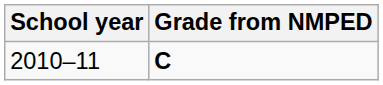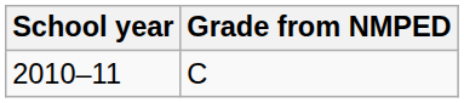 <table class="wikitable">
 <tr>
 <th>School year</th>
 <th>Grade from NMPED</th>
 </tr>
 <tr>
 <td>2010–11</td>
-<td><strong>C</strong></td>
+<td>C</td>
 </tr>
 </table>
